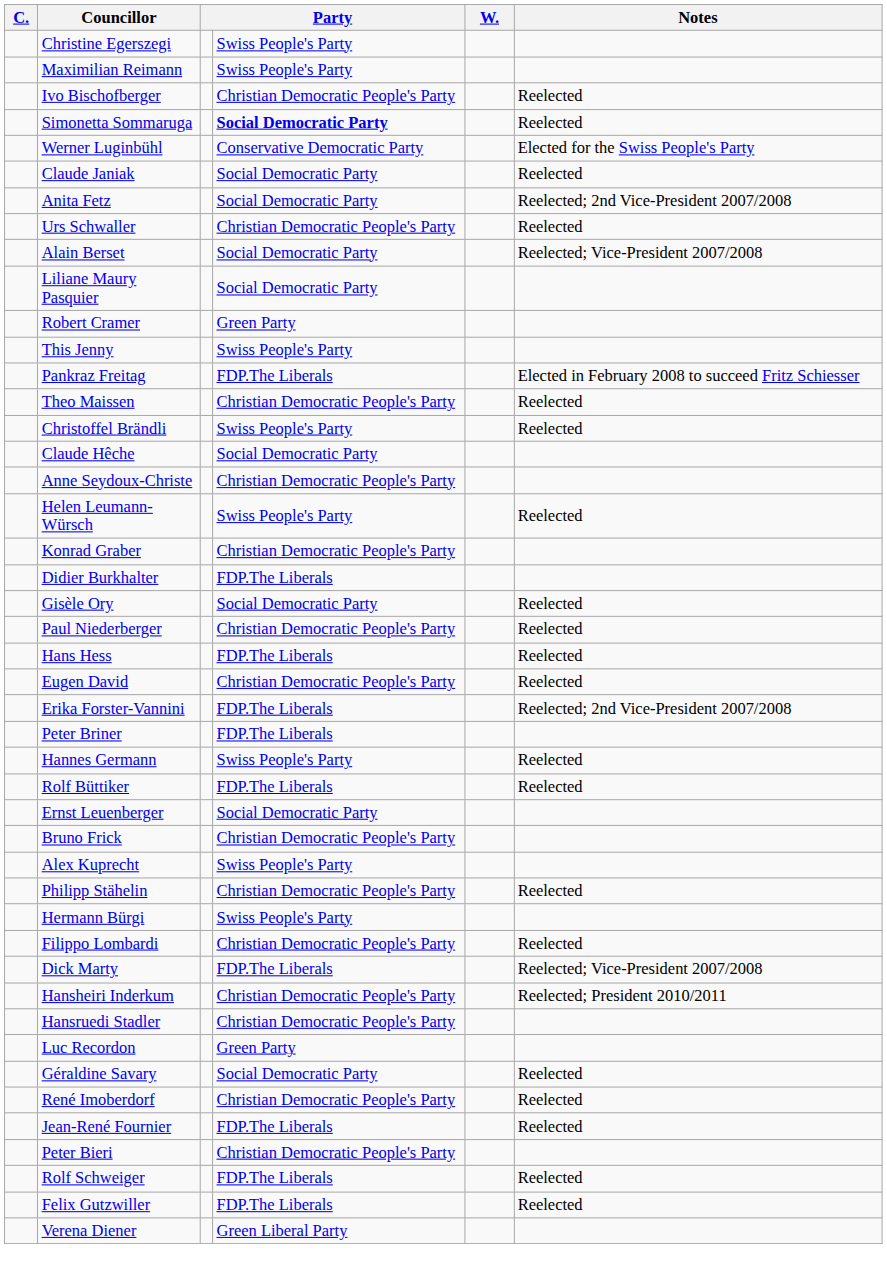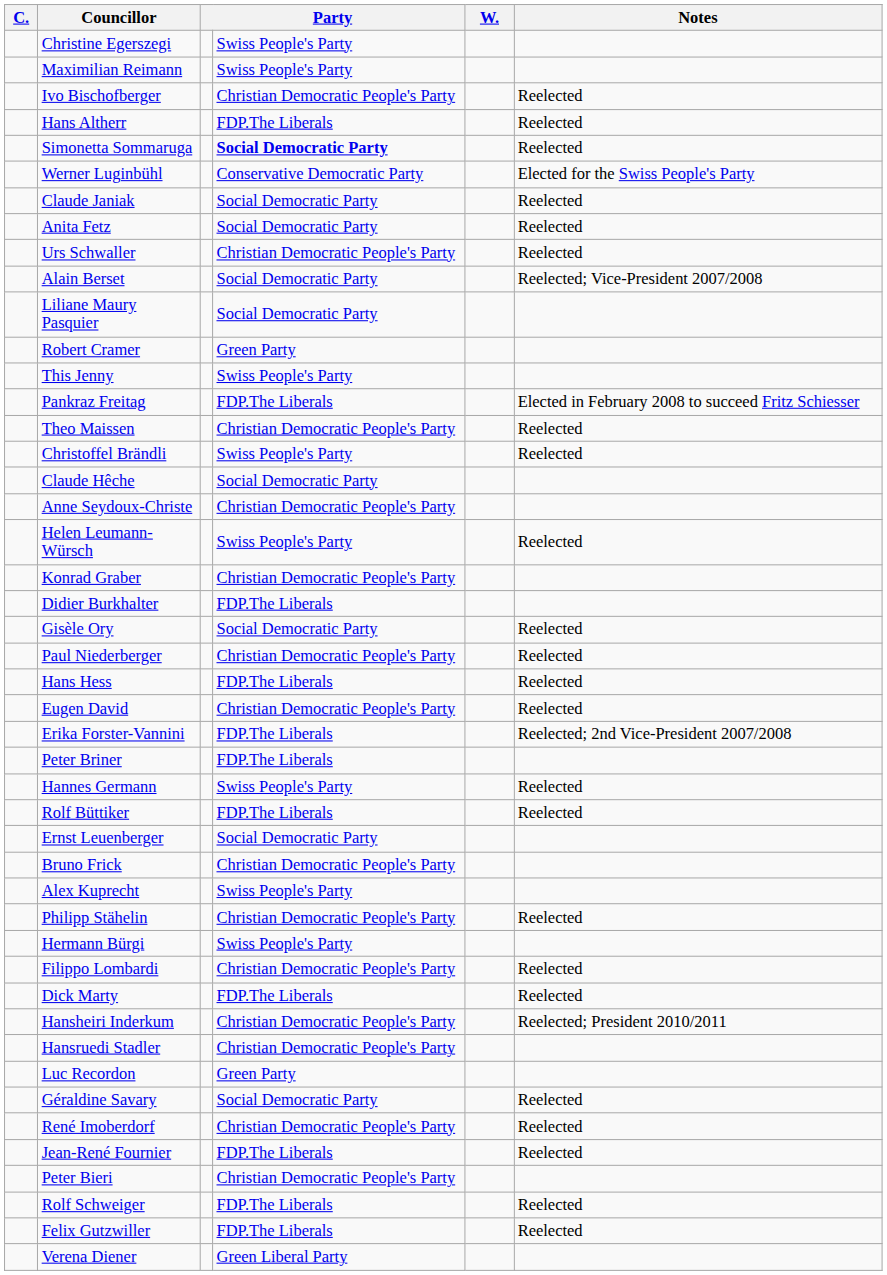 <table class="wikitable sortable">
 <tr>
 <th width=25px><a href='#'>C.</a></th>
 <th width=150px>Councillor</th>
 <th colspan=2 width=250px><a href='#'>Party</a></th>
 <th width=40px><a href='#'>W.</a></th>
 <th width=350px>Notes</th>
 </tr>
 <tr>
 <td></td>
 <td><a href='#'>Christine Egerszegi</a></td>
 <td width=5px style="background-color: "></td>
 <td><a href='#'>Swiss People's Party</a></td>
 <td></td>
 <td></td>
 </tr>
 <tr>
 <td></td>
 <td><a href='#'>Maximilian Reimann</a></td>
 <td style="background-color: "></td>
 <td><a href='#'>Swiss People's Party</a></td>
 <td></td>
 <td></td>
 </tr>
 <tr>
 <td></td>
 <td><a href='#'>Ivo Bischofberger</a></td>
 <td style="background-color: "></td>
 <td><a href='#'>Christian Democratic People's Party</a></td>
 <td></td>
 <td>Reelected</td>
 </tr>
 <tr>
 <td></td>
+<td><a href='#'>Hans Altherr</a></td>
+<td style="background-color: "></td>
+<td><a href='#'>FDP.The Liberals</a></td>
+<td></td>
+<td>Reelected</td>
+</tr>
+<tr>
+<td></td>
 <td><a href='#'>Simonetta Sommaruga</a></td>
 <td style="background-color: "></td>
 <td><strong><a href='#'>Social Democratic Party</a></strong></td>
 <td></td>
 <td>Reelected</td>
 </tr>
 <tr>
 <td></td>
 <td><a href='#'>Werner Luginbühl</a></td>
 <td style="background-color: "></td>
 <td><a href='#'>Conservative Democratic Party</a></td>
 <td></td>
 <td>Elected for the <a href='#'>Swiss People's Party</a></td>
 </tr>
 <tr>
 <td></td>
 <td><a href='#'>Claude Janiak</a></td>
 <td style="background-color: "></td>
 <td><a href='#'>Social Democratic Party</a></td>
 <td></td>
 <td>Reelected</td>
 </tr>
 <tr>
 <td></td>
 <td><a href='#'>Anita Fetz</a></td>
 <td style="background-color: "></td>
 <td><a href='#'>Social Democratic Party</a></td>
 <td></td>
-<td>Reelected; 2nd Vice-President 2007/2008</td>
+<td>Reelected</td>
 </tr>
 <tr>
 <td></td>
 <td><a href='#'>Urs Schwaller</a></td>
 <td style="background-color: "></td>
 <td><a href='#'>Christian Democratic People's Party</a></td>
 <td></td>
 <td>Reelected</td>
 </tr>
 <tr>
 <td></td>
 <td><a href='#'>Alain Berset</a></td>
 <td style="background-color: "></td>
 <td><a href='#'>Social Democratic Party</a></td>
 <td></td>
 <td>Reelected; Vice-President 2007/2008</td>
 </tr>
 <tr>
 <td></td>
 <td><a href='#'>Liliane Maury Pasquier</a></td>
 <td style="background-color: "></td>
 <td><a href='#'>Social Democratic Party</a></td>
 <td></td>
 <td></td>
 </tr>
 <tr>
 <td></td>
 <td><a href='#'>Robert Cramer</a></td>
 <td style="background-color: "></td>
 <td><a href='#'>Green Party</a></td>
 <td></td>
 <td></td>
 </tr>
 <tr>
 <td></td>
 <td><a href='#'>This Jenny</a></td>
 <td style="background-color: "></td>
 <td><a href='#'>Swiss People's Party</a></td>
 <td></td>
 <td></td>
 </tr>
 <tr>
 <td></td>
 <td><a href='#'>Pankraz Freitag</a></td>
 <td style="background-color: "></td>
 <td><a href='#'>FDP.The Liberals</a></td>
 <td></td>
 <td>Elected in February 2008 to succeed <a href='#'>Fritz Schiesser</a></td>
 </tr>
 <tr>
 <td></td>
 <td><a href='#'>Theo Maissen</a></td>
 <td style="background-color: "></td>
 <td><a href='#'>Christian Democratic People's Party</a></td>
 <td></td>
 <td>Reelected</td>
 </tr>
 <tr>
 <td></td>
 <td><a href='#'>Christoffel Brändli</a></td>
 <td style="background-color: "></td>
 <td><a href='#'>Swiss People's Party</a></td>
 <td></td>
 <td>Reelected</td>
 </tr>
 <tr>
 <td></td>
 <td><a href='#'>Claude Hêche</a></td>
 <td style="background-color: "></td>
 <td><a href='#'>Social Democratic Party</a></td>
 <td></td>
 <td></td>
 </tr>
 <tr>
 <td></td>
 <td><a href='#'>Anne Seydoux-Christe</a></td>
 <td style="background-color: "></td>
 <td><a href='#'>Christian Democratic People's Party</a></td>
 <td></td>
 <td></td>
 </tr>
 <tr>
 <td></td>
 <td><a href='#'>Helen Leumann-Würsch</a></td>
 <td style="background-color: "></td>
 <td><a href='#'>Swiss People's Party</a></td>
 <td></td>
 <td>Reelected</td>
 </tr>
 <tr>
 <td></td>
 <td><a href='#'>Konrad Graber</a></td>
 <td style="background-color: "></td>
 <td><a href='#'>Christian Democratic People's Party</a></td>
 <td></td>
 <td></td>
 </tr>
 <tr>
 <td></td>
 <td><a href='#'>Didier Burkhalter</a></td>
 <td style="background-color: "></td>
 <td><a href='#'>FDP.The Liberals</a></td>
 <td></td>
 <td></td>
 </tr>
 <tr>
 <td></td>
 <td><a href='#'>Gisèle Ory</a></td>
 <td style="background-color: "></td>
 <td><a href='#'>Social Democratic Party</a></td>
 <td></td>
 <td>Reelected</td>
 </tr>
 <tr>
 <td></td>
 <td><a href='#'>Paul Niederberger</a></td>
 <td style="background-color: "></td>
 <td><a href='#'>Christian Democratic People's Party</a></td>
 <td></td>
 <td>Reelected</td>
 </tr>
 <tr>
 <td></td>
 <td><a href='#'>Hans Hess</a></td>
 <td style="background-color: "></td>
 <td><a href='#'>FDP.The Liberals</a></td>
 <td></td>
 <td>Reelected</td>
 </tr>
 <tr>
 <td></td>
 <td><a href='#'>Eugen David</a></td>
 <td style="background-color: "></td>
 <td><a href='#'>Christian Democratic People's Party</a></td>
 <td></td>
 <td>Reelected</td>
 </tr>
 <tr>
 <td></td>
 <td><a href='#'>Erika Forster-Vannini</a></td>
 <td style="background-color: "></td>
 <td><a href='#'>FDP.The Liberals</a></td>
 <td></td>
 <td>Reelected; 2nd Vice-President 2007/2008</td>
 </tr>
 <tr>
 <td></td>
 <td><a href='#'>Peter Briner</a></td>
 <td style="background-color: "></td>
 <td><a href='#'>FDP.The Liberals</a></td>
 <td></td>
 <td></td>
 </tr>
 <tr>
 <td></td>
 <td><a href='#'>Hannes Germann</a></td>
 <td style="background-color: "></td>
 <td><a href='#'>Swiss People's Party</a></td>
 <td></td>
 <td>Reelected</td>
 </tr>
 <tr>
 <td></td>
 <td><a href='#'>Rolf Büttiker</a></td>
 <td style="background-color: "></td>
 <td><a href='#'>FDP.The Liberals</a></td>
 <td></td>
 <td>Reelected</td>
 </tr>
 <tr>
 <td></td>
 <td><a href='#'>Ernst Leuenberger</a></td>
 <td style="background-color: "></td>
 <td><a href='#'>Social Democratic Party</a></td>
 <td></td>
 <td></td>
 </tr>
 <tr>
 <td></td>
 <td><a href='#'>Bruno Frick</a></td>
 <td style="background-color: "></td>
 <td><a href='#'>Christian Democratic People's Party</a></td>
 <td></td>
 <td></td>
 </tr>
 <tr>
 <td></td>
 <td><a href='#'>Alex Kuprecht</a></td>
 <td style="background-color: "></td>
 <td><a href='#'>Swiss People's Party</a></td>
 <td></td>
 <td></td>
 </tr>
 <tr>
 <td></td>
 <td><a href='#'>Philipp Stähelin</a></td>
 <td style="background-color: "></td>
 <td><a href='#'>Christian Democratic People's Party</a></td>
 <td></td>
 <td>Reelected</td>
 </tr>
 <tr>
 <td></td>
 <td><a href='#'>Hermann Bürgi</a></td>
 <td style="background-color: "></td>
 <td><a href='#'>Swiss People's Party</a></td>
 <td></td>
 <td></td>
 </tr>
 <tr>
 <td></td>
 <td><a href='#'>Filippo Lombardi</a></td>
 <td style="background-color: "></td>
 <td><a href='#'>Christian Democratic People's Party</a></td>
 <td></td>
 <td>Reelected</td>
 </tr>
 <tr>
 <td></td>
 <td><a href='#'>Dick Marty</a></td>
 <td style="background-color: "></td>
 <td><a href='#'>FDP.The Liberals</a></td>
 <td></td>
-<td>Reelected; Vice-President 2007/2008</td>
+<td>Reelected</td>
 </tr>
 <tr>
 <td></td>
 <td><a href='#'>Hansheiri Inderkum</a></td>
 <td style="background-color: "></td>
 <td><a href='#'>Christian Democratic People's Party</a></td>
 <td></td>
 <td>Reelected; President 2010/2011</td>
 </tr>
 <tr>
 <td></td>
 <td><a href='#'>Hansruedi Stadler</a></td>
 <td style="background-color: "></td>
 <td><a href='#'>Christian Democratic People's Party</a></td>
 <td></td>
 <td></td>
 </tr>
 <tr>
 <td></td>
 <td><a href='#'>Luc Recordon</a></td>
 <td style="background-color: "></td>
 <td><a href='#'>Green Party</a></td>
 <td></td>
 <td></td>
 </tr>
 <tr>
 <td></td>
 <td><a href='#'>Géraldine Savary</a></td>
 <td style="background-color: "></td>
 <td><a href='#'>Social Democratic Party</a></td>
 <td></td>
 <td>Reelected</td>
 </tr>
 <tr>
 <td></td>
 <td><a href='#'>René Imoberdorf</a></td>
 <td style="background-color: "></td>
 <td><a href='#'>Christian Democratic People's Party</a></td>
 <td></td>
 <td>Reelected</td>
 </tr>
 <tr>
 <td></td>
 <td><a href='#'>Jean-René Fournier</a></td>
 <td style="background-color: "></td>
 <td><a href='#'>FDP.The Liberals</a></td>
 <td></td>
 <td>Reelected</td>
 </tr>
 <tr>
 <td></td>
 <td><a href='#'>Peter Bieri</a></td>
 <td style="background-color: "></td>
 <td><a href='#'>Christian Democratic People's Party</a></td>
 <td></td>
 <td></td>
 </tr>
 <tr>
 <td></td>
 <td><a href='#'>Rolf Schweiger</a></td>
 <td style="background-color: "></td>
 <td><a href='#'>FDP.The Liberals</a></td>
 <td></td>
 <td>Reelected</td>
 </tr>
 <tr>
 <td></td>
 <td><a href='#'>Felix Gutzwiller</a></td>
 <td style="background-color: "></td>
 <td><a href='#'>FDP.The Liberals</a></td>
 <td></td>
 <td>Reelected</td>
 </tr>
 <tr>
 <td></td>
 <td><a href='#'>Verena Diener</a></td>
 <td style="background-color: "></td>
 <td><a href='#'>Green Liberal Party</a></td>
 <td></td>
 <td></td>
 </tr>
 </table>
